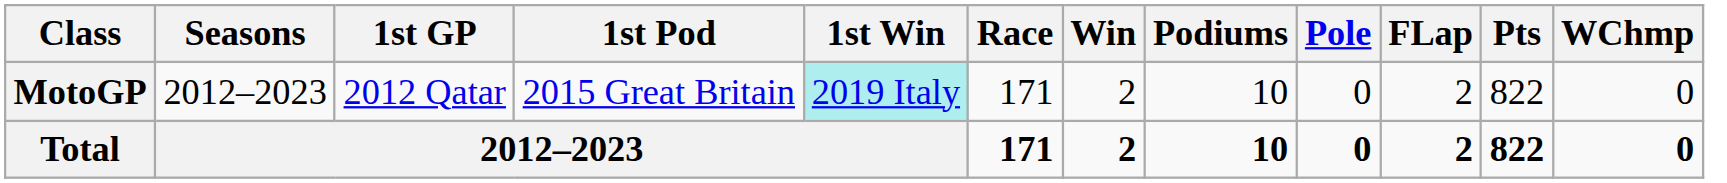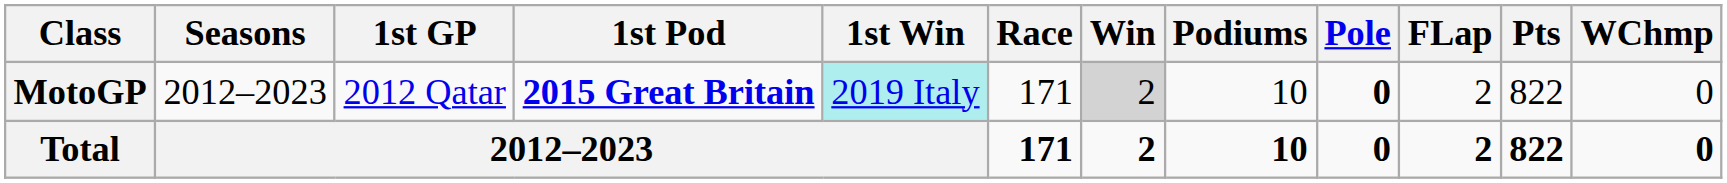 <table class="wikitable" style="text-align:right;">
 <tr>
 <th>Class</th>
 <th>Seasons</th>
 <th>1st GP</th>
 <th>1st Pod</th>
 <th>1st Win</th>
 <th>Race</th>
 <th>Win</th>
 <th>Podiums</th>
 <th><a href='#'>Pole</a></th>
 <th>FLap</th>
 <th>Pts</th>
 <th>WChmp</th>
 </tr>
 <tr>
 <th>MotoGP</th>
 <td>2012–2023</td>
 <td style="text-align:left;"><a href='#'>2012 Qatar</a></td>
-<td style="text-align:left;"><a href='#'>2015 Great Britain</a></td>
+<td style="text-align:left;"><strong><a href='#'>2015 Great Britain</a></strong></td>
 <td style="background: paleturquoise; text-align:left;"><a href='#'>2019 Italy</a></td>
 <td>171</td>
-<td>2</td>
+<td style="background: lightgrey;">2</td>
 <td>10</td>
-<td>0</td>
+<td><strong>0</strong></td>
 <td>2</td>
 <td>822</td>
 <td>0</td>
 </tr>
 <tr>
 <th>Total</th>
 <th colspan="4">2012–2023</th>
 <td><strong>171</strong></td>
 <td><strong>2</strong></td>
 <td><strong>10</strong></td>
 <td><strong>0</strong></td>
 <td><strong>2</strong></td>
 <td><strong>822</strong></td>
 <td><strong>0</strong></td>
 </tr>
 </table>
